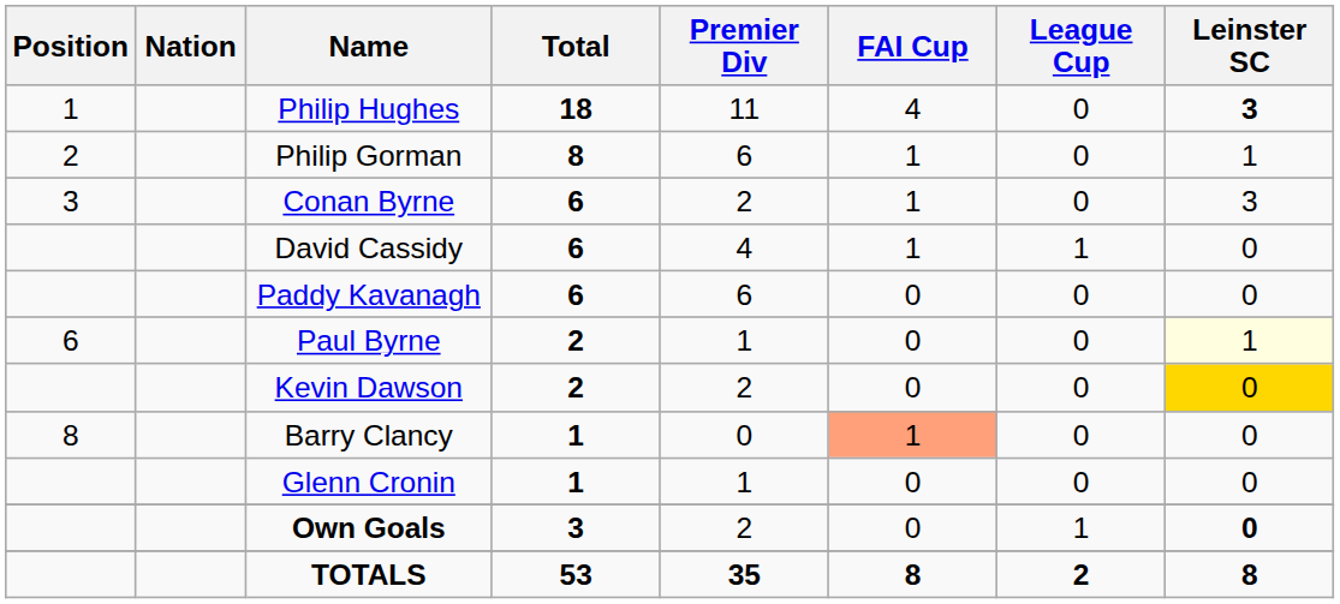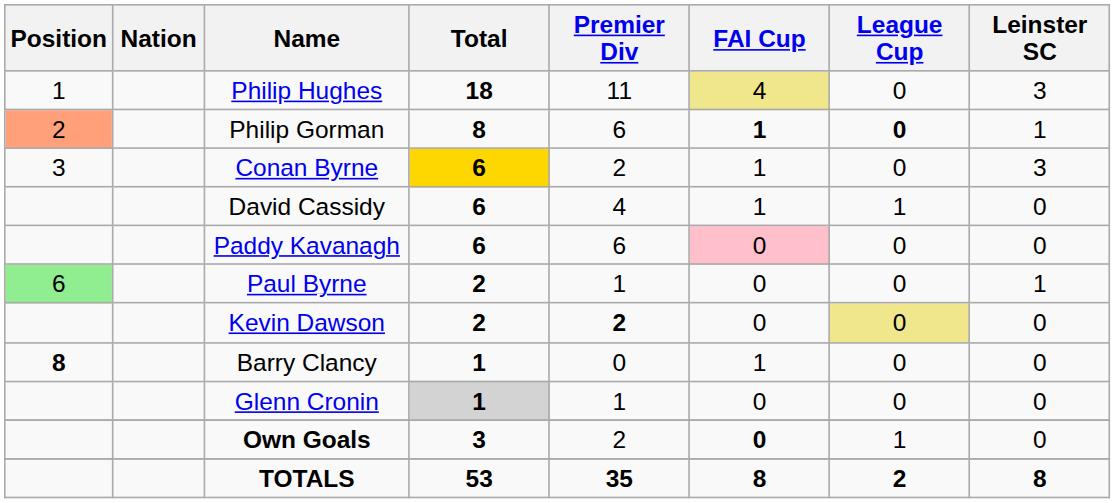 <table class="wikitable" style="font-size: 95%; text-align: center;">
 <tr>
 <th width=50>Position</th>
 <th width=50>Nation</th>
 <th width=120>Name</th>
 <th width=80>Total</th>
 <th width=80><a href='#'>Premier Div</a></th>
 <th width=80><a href='#'>FAI Cup</a></th>
 <th width=80><a href='#'>League Cup</a></th>
 <th width=80>Leinster SC</th>
 </tr>
 <tr>
 <td>1</td>
 <td></td>
 <td><a href='#'>Philip Hughes</a></td>
 <td><strong>18</strong></td>
 <td>11</td>
-<td>4</td>
+<td style="background: khaki;">4</td>
 <td>0</td>
-<td><strong>3</strong></td>
+<td>3</td>
 </tr>
 <tr>
-<td>2</td>
+<td style="background: lightsalmon;">2</td>
 <td></td>
 <td>Philip Gorman</td>
 <td><strong>8</strong></td>
 <td>6</td>
-<td>1</td>
-<td>0</td>
+<td><strong>1</strong></td>
+<td><strong>0</strong></td>
 <td>1</td>
 </tr>
 <tr>
 <td>3</td>
 <td></td>
 <td><a href='#'>Conan Byrne</a></td>
-<td><strong>6</strong></td>
+<td style="background: gold;"><strong>6</strong></td>
 <td>2</td>
 <td>1</td>
 <td>0</td>
 <td>3</td>
 </tr>
 <tr>
 <td></td>
 <td></td>
 <td>David Cassidy</td>
 <td><strong>6</strong></td>
 <td>4</td>
 <td>1</td>
 <td>1</td>
 <td>0</td>
 </tr>
 <tr>
 <td></td>
 <td></td>
 <td><a href='#'>Paddy Kavanagh</a></td>
 <td><strong>6</strong></td>
 <td>6</td>
-<td>0</td>
+<td style="background: pink;">0</td>
 <td>0</td>
 <td>0</td>
 </tr>
 <tr>
-<td>6</td>
+<td style="background: lightgreen;">6</td>
 <td></td>
 <td><a href='#'>Paul Byrne</a></td>
 <td><strong>2</strong></td>
 <td>1</td>
 <td>0</td>
 <td>0</td>
-<td style="background: lightyellow;">1</td>
+<td>1</td>
 </tr>
 <tr>
 <td></td>
 <td></td>
 <td><a href='#'>Kevin Dawson</a></td>
 <td><strong>2</strong></td>
-<td>2</td>
+<td><strong>2</strong></td>
 <td>0</td>
+<td style="background: khaki;">0</td>
 <td>0</td>
-<td style="background: gold;">0</td>
 </tr>
 <tr>
-<td>8</td>
+<td><strong>8</strong></td>
 <td></td>
 <td>Barry Clancy</td>
 <td><strong>1</strong></td>
 <td>0</td>
-<td style="background: lightsalmon;">1</td>
+<td>1</td>
 <td>0</td>
 <td>0</td>
 </tr>
 <tr>
 <td></td>
 <td></td>
 <td><a href='#'>Glenn Cronin</a></td>
-<td><strong>1</strong></td>
+<td style="background: lightgrey;"><strong>1</strong></td>
 <td>1</td>
 <td>0</td>
 <td>0</td>
 <td>0</td>
 </tr>
 <tr>
 </tr>
 <tr>
 <td></td>
 <td></td>
 <td><strong>Own Goals</strong></td>
 <td><strong>3</strong></td>
 <td>2</td>
+<td><strong>0</strong></td>
+<td>1</td>
 <td>0</td>
-<td>1</td>
-<td><strong>0</strong></td>
 </tr>
 <tr>
 </tr>
 <tr>
 <td></td>
 <td></td>
 <td><strong>TOTALS</strong></td>
 <td><strong>53</strong></td>
 <td><strong>35</strong></td>
 <td><strong>8</strong></td>
 <td><strong>2</strong></td>
 <td><strong>8</strong></td>
 </tr>
 </table>
